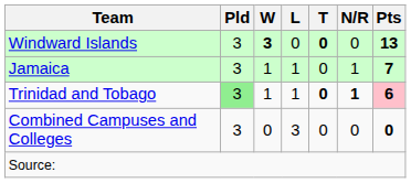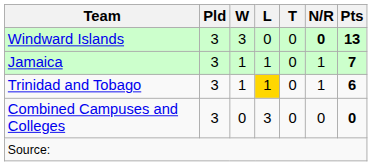 <table class="wikitable" style="text-align: center;">
 <tr>
 <th width=205>Team</th>
 <th width=20>Pld</th>
 <th width=20>W</th>
 <th width=20>L</th>
 <th width=20>T</th>
 <th width=20>N/R</th>
 <th width=20>Pts</th>
 </tr>
 <tr style="background:#ccffcc;">
 <td align=left><a href='#'>Windward Islands</a></td>
 <td>3</td>
-<td><strong>3</strong></td>
+<td>3</td>
+<td>0</td>
 <td>0</td>
 <td><strong>0</strong></td>
-<td>0</td>
 <td><strong>13</strong></td>
 </tr>
 <tr style="background:#ccffcc;">
 <td align=left><a href='#'>Jamaica</a></td>
 <td>3</td>
 <td>1</td>
 <td>1</td>
 <td>0</td>
 <td>1</td>
 <td><strong>7</strong></td>
 </tr>
 <tr>
 <td align=left><a href='#'>Trinidad and Tobago</a></td>
-<td style="background: lightgreen;">3</td>
+<td>3</td>
 <td>1</td>
+<td style="background: gold;">1</td>
+<td>0</td>
 <td>1</td>
-<td><strong>0</strong></td>
-<td><strong>1</strong></td>
-<td style="background: pink;"><strong>6</strong></td>
+<td><strong>6</strong></td>
 </tr>
 <tr>
 <td align=left><a href='#'>Combined Campuses and Colleges</a></td>
 <td>3</td>
 <td>0</td>
 <td>3</td>
 <td>0</td>
 <td>0</td>
 <td><strong>0</strong></td>
 </tr>
 <tr>
 <td align=left colspan="11"><small>Source:</small></td>
 </tr>
 </table>
